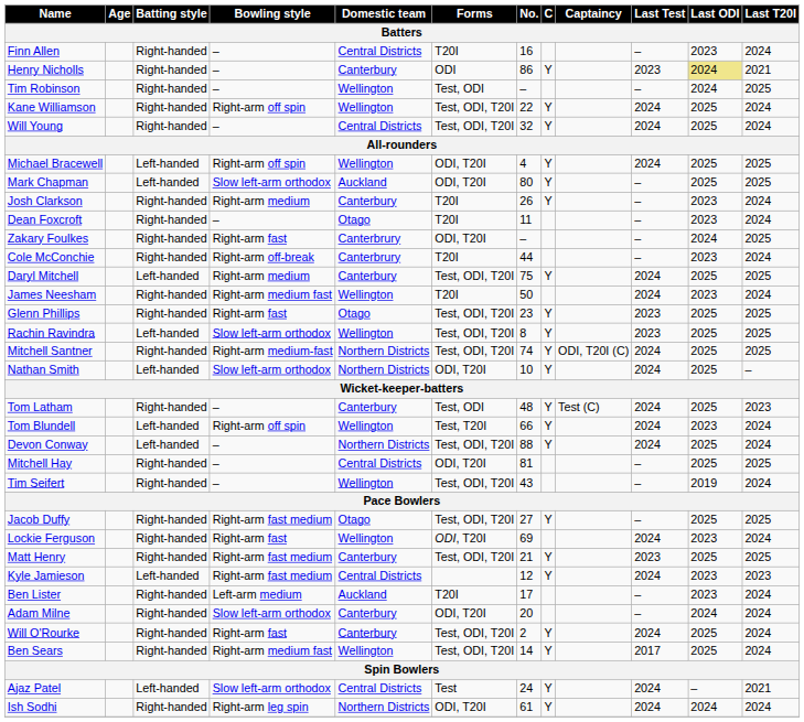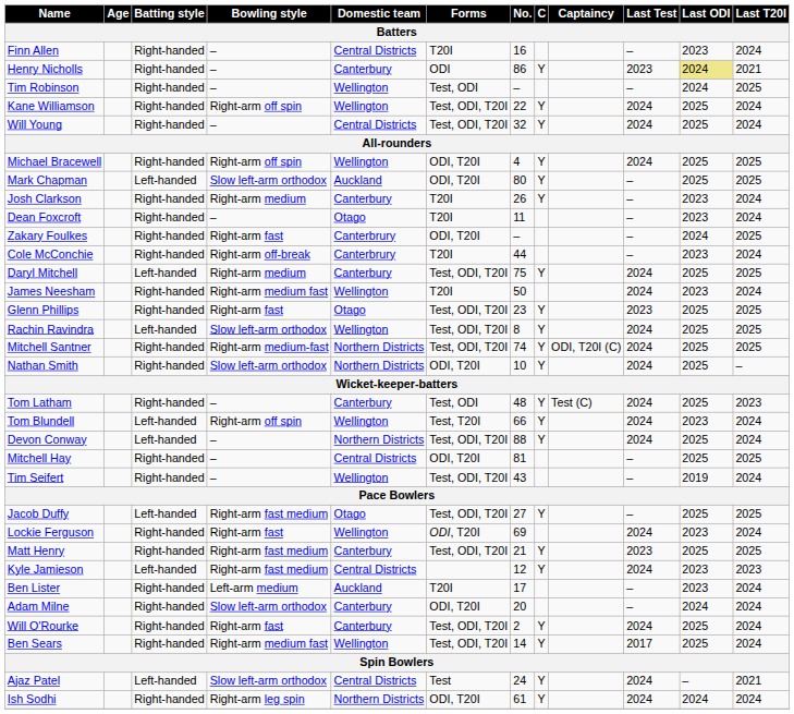 <table class="wikitable">
 <tr>
 <th style="text-align:center; background:black; color:white;">Name</th>
 <th style="text-align:center; background:black; color:white;">Age</th>
 <th style="text-align:center; background:black; color:white;">Batting style</th>
 <th style="text-align:center; background:black; color:white;">Bowling style</th>
 <th style="text-align:center; background:black; color:white;">Domestic team</th>
 <th style="text-align:center; background:black; color:white;">Forms</th>
 <th style="text-align:center; background:black; color:white;">No.</th>
 <th style="text-align:center; background:black; color:white;">C</th>
 <th style="text-align:center; background:black; color:white;">Captaincy</th>
 <th style="text-align:center; background:black; color:white;">Last Test</th>
 <th style="text-align:center; background:black; color:white;">Last ODI</th>
 <th style="text-align:center; background:black; color:white;">Last T20I</th>
 </tr>
 <tr>
 <th colspan="12">Batters</th>
 </tr>
 <tr>
 <td><a href='#'>Finn Allen</a></td>
 <td></td>
 <td>Right-handed</td>
 <td>–</td>
 <td><a href='#'>Central Districts</a></td>
 <td>T20I</td>
 <td>16</td>
 <td></td>
 <td></td>
 <td>–</td>
 <td> 2023</td>
 <td> 2024</td>
 </tr>
 <tr>
 <td><a href='#'>Henry Nicholls</a></td>
 <td></td>
 <td>Right-handed</td>
 <td>–</td>
 <td><a href='#'>Canterbury</a></td>
 <td>ODI</td>
 <td>86</td>
 <td>Y</td>
 <td></td>
 <td> 2023</td>
 <td style="background: khaki;"> 2024</td>
 <td> 2021</td>
 </tr>
 <tr>
 <td><a href='#'>Tim Robinson</a></td>
 <td></td>
 <td>Right-handed</td>
 <td>–</td>
 <td><a href='#'>Wellington</a></td>
 <td>Test, ODI</td>
 <td>–</td>
 <td></td>
 <td></td>
 <td>–</td>
 <td> 2024</td>
 <td> 2025</td>
 </tr>
 <tr>
 <td><a href='#'>Kane Williamson</a></td>
 <td></td>
 <td>Right-handed</td>
 <td>Right-arm <a href='#'>off spin</a></td>
 <td><a href='#'>Wellington</a></td>
 <td>Test, ODI, T20I</td>
 <td>22</td>
 <td>Y</td>
 <td></td>
 <td> 2024</td>
 <td> 2025</td>
 <td> 2024</td>
 </tr>
 <tr>
 <td><a href='#'>Will Young</a></td>
 <td></td>
 <td>Right-handed</td>
 <td>–</td>
 <td><a href='#'>Central Districts</a></td>
 <td>Test, ODI, T20I</td>
 <td>32</td>
 <td>Y</td>
 <td></td>
 <td> 2024</td>
 <td> 2025</td>
 <td> 2024</td>
 </tr>
 <tr>
 <th colspan="12">All-rounders</th>
 </tr>
 <tr>
 <td><a href='#'>Michael Bracewell</a></td>
 <td></td>
-<td>Left-handed</td>
+<td>Right-handed</td>
 <td>Right-arm <a href='#'>off spin</a></td>
 <td><a href='#'>Wellington</a></td>
 <td>ODI, T20I</td>
 <td>4</td>
 <td>Y</td>
 <td></td>
 <td> 2024</td>
 <td> 2025</td>
 <td> 2025</td>
 </tr>
 <tr>
 <td><a href='#'>Mark Chapman</a></td>
 <td></td>
 <td>Left-handed</td>
 <td><a href='#'>Slow left-arm orthodox</a></td>
 <td><a href='#'>Auckland</a></td>
 <td>ODI, T20I</td>
 <td>80</td>
 <td>Y</td>
 <td></td>
 <td>–</td>
 <td> 2025</td>
 <td> 2025</td>
 </tr>
 <tr>
 <td><a href='#'>Josh Clarkson</a></td>
 <td></td>
 <td>Right-handed</td>
 <td>Right-arm <a href='#'>medium</a></td>
 <td><a href='#'>Canterbury</a></td>
 <td>T20I</td>
 <td>26</td>
 <td>Y</td>
 <td></td>
 <td>–</td>
 <td> 2023</td>
 <td> 2024</td>
 </tr>
 <tr>
 <td><a href='#'>Dean Foxcroft</a></td>
 <td></td>
 <td>Right-handed</td>
 <td>–</td>
 <td><a href='#'>Otago</a></td>
 <td>T20I</td>
 <td>11</td>
 <td></td>
 <td></td>
 <td>–</td>
 <td> 2023</td>
 <td> 2024</td>
 </tr>
 <tr>
 <td><a href='#'>Zakary Foulkes</a></td>
 <td></td>
 <td>Right-handed</td>
 <td>Right-arm <a href='#'>fast</a></td>
 <td><a href='#'>Canterbrury</a></td>
 <td>ODI, T20I</td>
 <td>–</td>
 <td></td>
 <td></td>
 <td>–</td>
 <td> 2024</td>
 <td> 2025</td>
 </tr>
 <tr>
 <td><a href='#'>Cole McConchie</a></td>
 <td></td>
 <td>Right-handed</td>
 <td>Right-arm <a href='#'>off-break</a></td>
 <td><a href='#'>Canterbrury</a></td>
 <td>T20I</td>
 <td>44</td>
 <td></td>
 <td></td>
 <td>–</td>
 <td> 2023</td>
 <td> 2024</td>
 </tr>
 <tr>
 <td><a href='#'>Daryl Mitchell</a></td>
 <td></td>
 <td>Left-handed</td>
 <td>Right-arm <a href='#'>medium</a></td>
 <td><a href='#'>Canterbury</a></td>
 <td>Test, ODI, T20I</td>
 <td>75</td>
 <td>Y</td>
 <td></td>
 <td> 2024</td>
 <td> 2025</td>
 <td> 2025</td>
 </tr>
 <tr>
 <td><a href='#'>James Neesham</a></td>
 <td></td>
 <td>Right-handed</td>
 <td>Right-arm <a href='#'>medium fast</a></td>
 <td><a href='#'>Wellington</a></td>
 <td>T20I</td>
 <td>50</td>
 <td></td>
 <td></td>
 <td> 2024</td>
 <td> 2023</td>
 <td> 2024</td>
 </tr>
 <tr>
 <td><a href='#'>Glenn Phillips</a></td>
 <td></td>
 <td>Right-handed</td>
 <td>Right-arm <a href='#'>fast</a></td>
 <td><a href='#'>Otago</a></td>
 <td>Test, ODI, T20I</td>
 <td>23</td>
 <td>Y</td>
 <td></td>
 <td> 2023</td>
 <td> 2025</td>
 <td> 2025</td>
 </tr>
 <tr>
 <td><a href='#'>Rachin Ravindra</a></td>
 <td></td>
 <td>Left-handed</td>
 <td><a href='#'>Slow left-arm orthodox</a></td>
 <td><a href='#'>Wellington</a></td>
 <td>Test, ODI, T20I</td>
 <td>8</td>
 <td>Y</td>
 <td></td>
-<td> 2023</td>
+<td> 2024</td>
 <td> 2025</td>
 <td> 2025</td>
 </tr>
 <tr>
 <td><a href='#'>Mitchell Santner</a></td>
 <td></td>
 <td>Right-handed</td>
 <td>Right-arm <a href='#'>medium-fast</a></td>
 <td><a href='#'>Northern Districts</a></td>
 <td>Test, ODI, T20I</td>
 <td>74</td>
 <td>Y</td>
 <td>ODI, T20I (C)</td>
 <td> 2024</td>
 <td> 2025</td>
 <td> 2025</td>
 </tr>
 <tr>
 <td><a href='#'>Nathan Smith</a></td>
 <td></td>
-<td>Left-handed</td>
+<td>Right-handed</td>
 <td><a href='#'>Slow left-arm orthodox</a></td>
 <td><a href='#'>Northern Districts</a></td>
 <td>ODI, T20I</td>
 <td>10</td>
 <td>Y</td>
 <td></td>
 <td> 2024</td>
 <td> 2025</td>
 <td>–</td>
 </tr>
 <tr>
 <th colspan="12">Wicket-keeper-batters</th>
 </tr>
 <tr>
 <td><a href='#'>Tom Latham</a></td>
 <td></td>
 <td>Right-handed</td>
 <td>–</td>
 <td><a href='#'>Canterbury</a></td>
 <td>Test, ODI</td>
 <td>48</td>
 <td>Y</td>
 <td>Test (C)</td>
 <td> 2024</td>
 <td> 2025</td>
 <td> 2023</td>
 </tr>
 <tr>
 <td><a href='#'>Tom Blundell</a></td>
 <td></td>
 <td>Left-handed</td>
 <td>Right-arm <a href='#'>off spin</a></td>
 <td><a href='#'>Wellington</a></td>
 <td>Test, T20I</td>
 <td>66</td>
 <td>Y</td>
 <td></td>
 <td> 2024</td>
 <td> 2023</td>
 <td> 2024</td>
 </tr>
 <tr>
 <td><a href='#'>Devon Conway</a></td>
 <td></td>
 <td>Left-handed</td>
 <td>–</td>
 <td><a href='#'>Northern Districts</a></td>
 <td>Test, ODI, T20I</td>
 <td>88</td>
 <td>Y</td>
 <td></td>
 <td> 2024</td>
 <td> 2025</td>
 <td> 2024</td>
 </tr>
 <tr>
 <td><a href='#'>Mitchell Hay</a></td>
 <td></td>
 <td>Right-handed</td>
 <td>–</td>
 <td><a href='#'>Central Districts</a></td>
 <td>ODI, T20I</td>
 <td>81</td>
 <td></td>
 <td></td>
 <td>–</td>
 <td> 2025</td>
 <td> 2025</td>
 </tr>
 <tr>
 <td><a href='#'>Tim Seifert</a></td>
 <td></td>
 <td>Right-handed</td>
 <td>–</td>
 <td><a href='#'>Wellington</a></td>
 <td>Test, ODI, T20I</td>
 <td>43</td>
 <td></td>
 <td></td>
 <td>–</td>
 <td> 2019</td>
 <td> 2024</td>
 </tr>
 <tr>
 <th colspan="12">Pace Bowlers</th>
 </tr>
 <tr>
 <td><a href='#'>Jacob Duffy</a></td>
 <td></td>
-<td>Right-handed</td>
+<td>Left-handed</td>
 <td>Right-arm <a href='#'>fast medium</a></td>
 <td><a href='#'>Otago</a></td>
 <td>Test, ODI, T20I</td>
 <td>27</td>
 <td>Y</td>
 <td></td>
 <td>–</td>
 <td> 2025</td>
 <td> 2025</td>
 </tr>
 <tr>
 <td><a href='#'>Lockie Ferguson</a></td>
 <td></td>
 <td>Right-handed</td>
 <td>Right-arm <a href='#'>fast</a></td>
 <td><a href='#'>Wellington</a></td>
 <td><em>ODI</em>, T20I</td>
 <td>69</td>
 <td></td>
 <td></td>
 <td> 2024</td>
 <td> 2023</td>
 <td> 2024</td>
 </tr>
 <tr>
 <td><a href='#'>Matt Henry</a></td>
 <td></td>
 <td>Right-handed</td>
 <td>Right-arm <a href='#'>fast medium</a></td>
 <td><a href='#'>Canterbury</a></td>
 <td>Test, ODI, T20I</td>
 <td>21</td>
 <td>Y</td>
 <td></td>
 <td> 2023</td>
 <td> 2025</td>
 <td> 2025</td>
 </tr>
 <tr>
 <td><a href='#'>Kyle Jamieson</a></td>
 <td></td>
 <td>Left-handed</td>
 <td>Right-arm <a href='#'>fast medium</a></td>
 <td><a href='#'>Central Districts</a></td>
 <td></td>
 <td>12</td>
 <td>Y</td>
 <td></td>
 <td> 2024</td>
 <td> 2023</td>
 <td> 2023</td>
 </tr>
 <tr>
 <td><a href='#'>Ben Lister</a></td>
 <td></td>
 <td>Right-handed</td>
 <td>Left-arm <a href='#'>medium</a></td>
 <td><a href='#'>Auckland</a></td>
 <td>T20I</td>
 <td>17</td>
 <td></td>
 <td></td>
 <td>–</td>
 <td> 2023</td>
 <td> 2024</td>
 </tr>
 <tr>
 <td><a href='#'>Adam Milne</a></td>
 <td></td>
 <td>Right-handed</td>
 <td><a href='#'>Slow left-arm orthodox</a></td>
 <td><a href='#'>Canterbury</a></td>
 <td>ODI, T20I</td>
 <td>20</td>
 <td></td>
 <td></td>
 <td>–</td>
 <td> 2024</td>
 <td> 2024</td>
 </tr>
 <tr>
 <td><a href='#'>Will O'Rourke</a></td>
 <td></td>
 <td>Right-handed</td>
 <td>Right-arm <a href='#'>fast</a></td>
 <td><a href='#'>Canterbury</a></td>
 <td>Test, ODI, T20I</td>
 <td>2</td>
 <td>Y</td>
 <td></td>
 <td> 2024</td>
 <td> 2025</td>
 <td> 2024</td>
 </tr>
 <tr>
 <td><a href='#'>Ben Sears</a></td>
 <td></td>
 <td>Right-handed</td>
 <td>Right-arm <a href='#'>medium fast</a></td>
 <td><a href='#'>Wellington</a></td>
 <td>Test, ODI, T20I</td>
 <td>14</td>
 <td>Y</td>
 <td></td>
 <td> 2017</td>
 <td> 2025</td>
 <td> 2024</td>
 </tr>
 <tr>
 <th colspan="12">Spin Bowlers</th>
 </tr>
 <tr>
 <td><a href='#'>Ajaz Patel</a></td>
 <td></td>
 <td>Left-handed</td>
 <td><a href='#'>Slow left-arm orthodox</a></td>
 <td><a href='#'>Central Districts</a></td>
 <td>Test</td>
 <td>24</td>
 <td>Y</td>
 <td></td>
 <td> 2024</td>
 <td>–</td>
 <td> 2021</td>
 </tr>
 <tr>
 <td><a href='#'>Ish Sodhi</a></td>
 <td></td>
 <td>Right-handed</td>
 <td>Right-arm <a href='#'>leg spin</a></td>
 <td><a href='#'>Northern Districts</a></td>
 <td>ODI, T20I</td>
 <td>61</td>
 <td>Y</td>
 <td></td>
 <td> 2024</td>
 <td> 2024</td>
 <td> 2024</td>
 </tr>
 <tr>
 </tr>
 </table>
